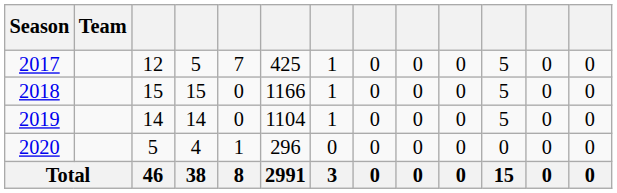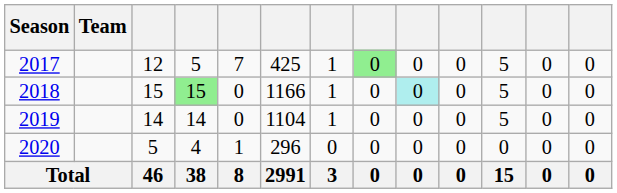 <table class="wikitable" style="text-align:center; line-height:90%; font-size:95%;">
 <tr style="line-height:175%;">
 <th>Season</th>
 <th>Team</th>
 <th style="width:25px;"></th>
 <th style="width:25px;"></th>
 <th style="width:25px;"></th>
 <th style="width:25px;"></th>
 <th style="width:25px;"></th>
 <th style="width:25px;"></th>
 <th style="width:25px;"></th>
 <th style="width:25px;"></th>
 <th style="width:25px;"></th>
 <th style="width:25px;"></th>
 <th style="width:25px;"></th>
 </tr>
 <tr>
 <td><a href='#'>2017</a></td>
 <td></td>
 <td>12</td>
 <td>5</td>
 <td>7</td>
 <td>425</td>
 <td>1</td>
-<td>0</td>
+<td style="background: lightgreen;">0</td>
 <td>0</td>
 <td>0</td>
 <td>5</td>
 <td>0</td>
 <td>0</td>
 </tr>
 <tr>
 <td><a href='#'>2018</a></td>
 <td></td>
 <td>15</td>
-<td>15</td>
+<td style="background: lightgreen;">15</td>
 <td>0</td>
 <td>1166</td>
 <td>1</td>
 <td>0</td>
-<td>0</td>
+<td style="background: paleturquoise;">0</td>
 <td>0</td>
 <td>5</td>
 <td>0</td>
 <td>0</td>
 </tr>
 <tr>
 <td><a href='#'>2019</a></td>
 <td></td>
 <td>14</td>
 <td>14</td>
 <td>0</td>
 <td>1104</td>
 <td>1</td>
 <td>0</td>
 <td>0</td>
 <td>0</td>
 <td>5</td>
 <td>0</td>
 <td>0</td>
 </tr>
 <tr>
 <td><a href='#'>2020</a></td>
 <td></td>
 <td>5</td>
 <td>4</td>
 <td>1</td>
 <td>296</td>
 <td>0</td>
 <td>0</td>
 <td>0</td>
 <td>0</td>
 <td>0</td>
 <td>0</td>
 <td>0 </td>
 </tr>
 <tr>
 <th colspan="2">Total</th>
 <th>46</th>
 <th>38</th>
 <th>8</th>
 <th>2991</th>
 <th>3</th>
 <th>0</th>
 <th>0</th>
 <th>0</th>
 <th>15</th>
 <th>0</th>
 <th>0</th>
 </tr>
 </table>
